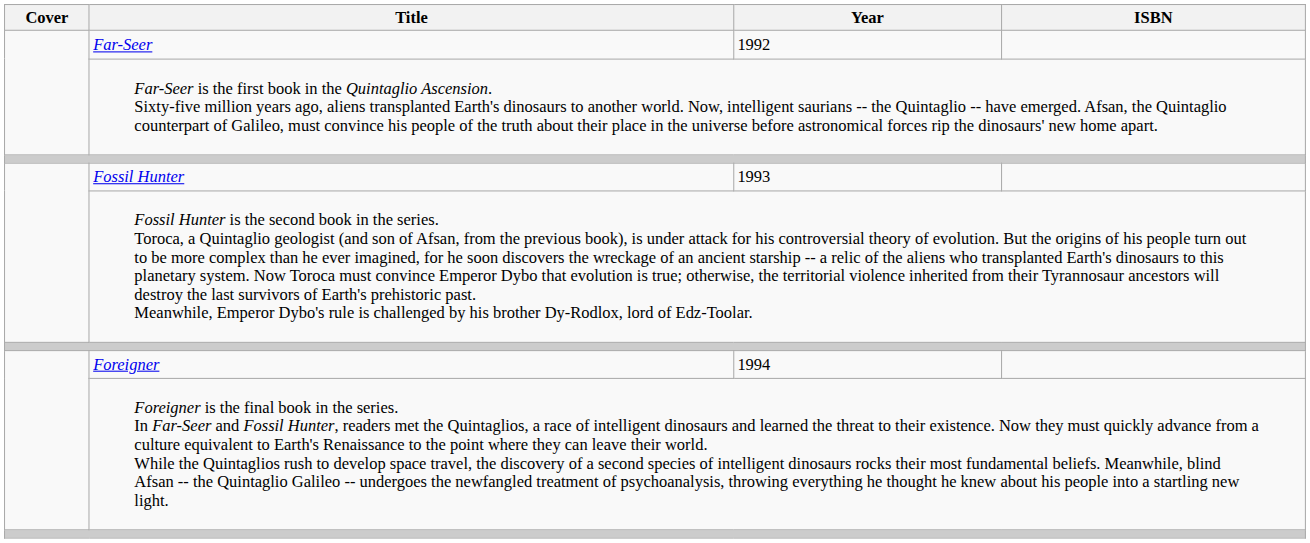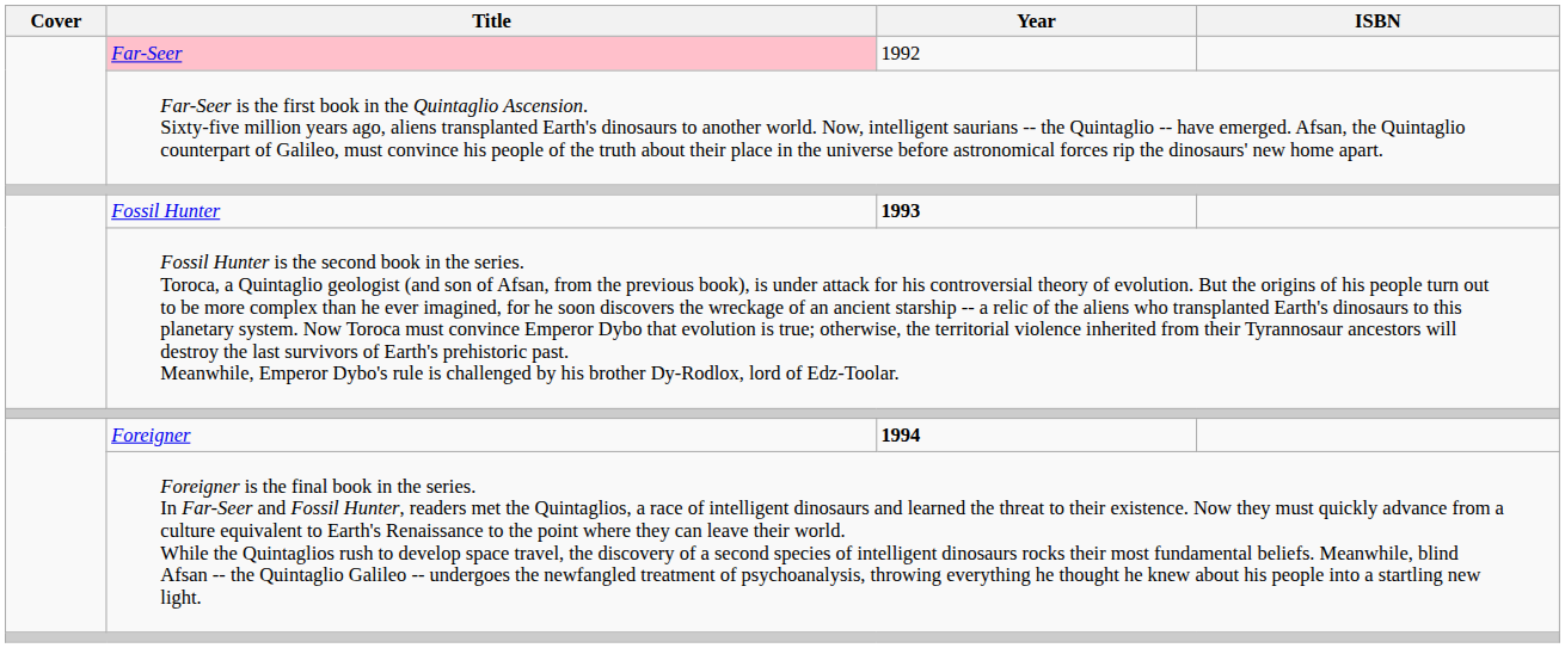 <table class="wikitable" width=100%>
 <tr>
 <th width=75>Cover</th>
 <th>Title</th>
 <th>Year</th>
 <th>ISBN</th>
 </tr>
 <tr>
 <td rowspan=2></td>
-<td height=20><em><a href='#'>Far-Seer</a></em></td>
+<td height=20 style="background: pink;"><em><a href='#'>Far-Seer</a></em></td>
 <td>1992</td>
 <td></td>
 </tr>
 <tr>
 <td colspan=3><blockquote><em>Far-Seer</em> is the first book in the <em>Quintaglio Ascension</em>.<br>Sixty-five million years ago, aliens transplanted Earth's dinosaurs to another world. Now, intelligent saurians -- the Quintaglio -- have emerged. Afsan, the Quintaglio counterpart of Galileo, must convince his people of the truth about their place in the universe before astronomical forces rip the dinosaurs' new home apart. </blockquote></td>
 </tr>
 <tr>
 <td colspan="4" bgcolor="#CCCCCC"></td>
 </tr>
 <tr>
 <td rowspan=2></td>
 <td height=20><em><a href='#'>Fossil Hunter</a></em></td>
-<td>1993</td>
+<td><strong>1993</strong></td>
 <td></td>
 </tr>
 <tr>
 <td colspan=3><blockquote><em>Fossil Hunter</em> is the second book in the series.<br>Toroca, a Quintaglio geologist (and son of Afsan, from the previous book), is under attack for his controversial theory of evolution. But the origins of his people turn out to be more complex than he ever imagined, for he soon discovers the wreckage of an ancient starship -- a relic of the aliens who transplanted Earth's dinosaurs to this planetary system. Now Toroca must convince Emperor Dybo that evolution is true; otherwise, the territorial violence inherited from their Tyrannosaur ancestors will destroy the last survivors of Earth's prehistoric past.<br>Meanwhile, Emperor Dybo's rule is challenged by his brother Dy-Rodlox, lord of Edz-Toolar.</blockquote></td>
 </tr>
 <tr>
 <td colspan="4" bgcolor="#CCCCCC"></td>
 </tr>
 <tr>
 <td rowspan=2></td>
 <td height=20><em><a href='#'>Foreigner</a></em></td>
-<td>1994</td>
+<td><strong>1994</strong></td>
 <td></td>
 </tr>
 <tr>
 <td colspan=3><blockquote><em>Foreigner</em> is the final book in the series.<br>In <em>Far-Seer</em> and <em>Fossil Hunter</em>, readers met the Quintaglios, a race of intelligent dinosaurs and learned the threat to their existence. Now they must quickly advance from a culture equivalent to Earth's Renaissance to the point where they can leave their world.<br>While the Quintaglios rush to develop space travel, the discovery of a second species of intelligent dinosaurs rocks their most fundamental beliefs. Meanwhile, blind Afsan -- the Quintaglio Galileo -- undergoes the newfangled treatment of psychoanalysis, throwing everything he thought he knew about his people into a startling new light.</blockquote></td>
 </tr>
 <tr>
 <td colspan="4" bgcolor="#CCCCCC"></td>
 </tr>
 </table>
